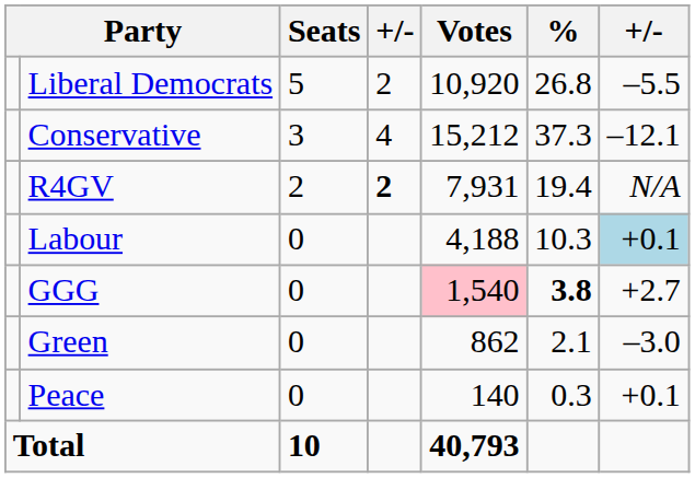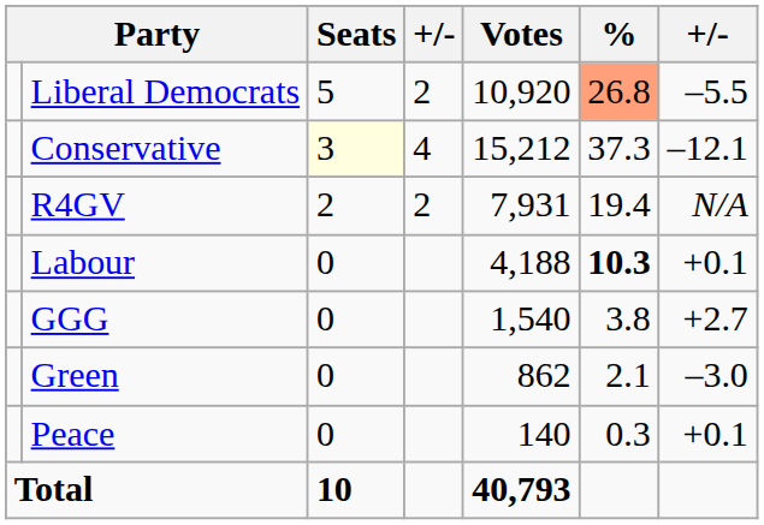 <table class="wikitable sortable">
 <tr>
 <th colspan="2">Party</th>
 <th>Seats</th>
 <th>+/-</th>
 <th>Votes</th>
 <th>%</th>
 <th>+/-</th>
 </tr>
 <tr>
 <td style="background-color: "></td>
 <td><a href='#'>Liberal Democrats</a></td>
 <td>5</td>
 <td> 2</td>
 <td style="text-align:right;">10,920</td>
-<td style="text-align:right;">26.8</td>
+<td style="background: lightsalmon; text-align:right;">26.8</td>
 <td style="text-align:right;">–5.5</td>
 </tr>
 <tr>
 <td style="background-color: "></td>
 <td><a href='#'>Conservative</a></td>
-<td>3</td>
+<td style="background: lightyellow;">3</td>
 <td> 4</td>
 <td style="text-align:right;">15,212</td>
 <td style="text-align:right;">37.3</td>
 <td style="text-align:right;">–12.1</td>
 </tr>
 <tr>
 <td style="background-color: "></td>
 <td><a href='#'>R4GV</a></td>
 <td>2</td>
-<td><strong> 2</strong></td>
+<td> 2</td>
 <td style="text-align:right;">7,931</td>
 <td style="text-align:right;">19.4</td>
 <td style="text-align:right;"><em>N/A</em></td>
 </tr>
 <tr>
 <td style="background-color: "></td>
 <td><a href='#'>Labour</a></td>
 <td>0</td>
 <td></td>
 <td style="text-align:right;">4,188</td>
-<td style="text-align:right;">10.3</td>
-<td style="background: lightblue; text-align:right;">+0.1</td>
+<td style="text-align:right;"><strong>10.3</strong></td>
+<td style="text-align:right;">+0.1</td>
 </tr>
 <tr>
 <td style="background-color: "></td>
 <td><a href='#'>GGG</a></td>
 <td>0</td>
 <td></td>
-<td style="background: pink; text-align:right;">1,540</td>
-<td style="text-align:right;"><strong>3.8</strong></td>
+<td style="text-align:right;">1,540</td>
+<td style="text-align:right;">3.8</td>
 <td style="text-align:right;">+2.7</td>
 </tr>
 <tr>
 <td style="background-color: "></td>
 <td><a href='#'>Green</a></td>
 <td>0</td>
 <td></td>
 <td style="text-align:right;">862</td>
 <td style="text-align:right;">2.1</td>
 <td style="text-align:right;">–3.0</td>
 </tr>
 <tr>
 <td style="background-color: "></td>
 <td><a href='#'>Peace</a></td>
 <td>0</td>
 <td></td>
 <td style="text-align:right;">140</td>
 <td style="text-align:right;">0.3</td>
 <td style="text-align:right;">+0.1</td>
 </tr>
 <tr>
 <td colspan="2"><strong>Total</strong></td>
 <td><strong>10</strong></td>
 <td></td>
 <td style="text-align:right;"><strong>40,793</strong></td>
 <td style="text-align:right;"></td>
 <td style="text-align:right;"></td>
 </tr>
 </table>
